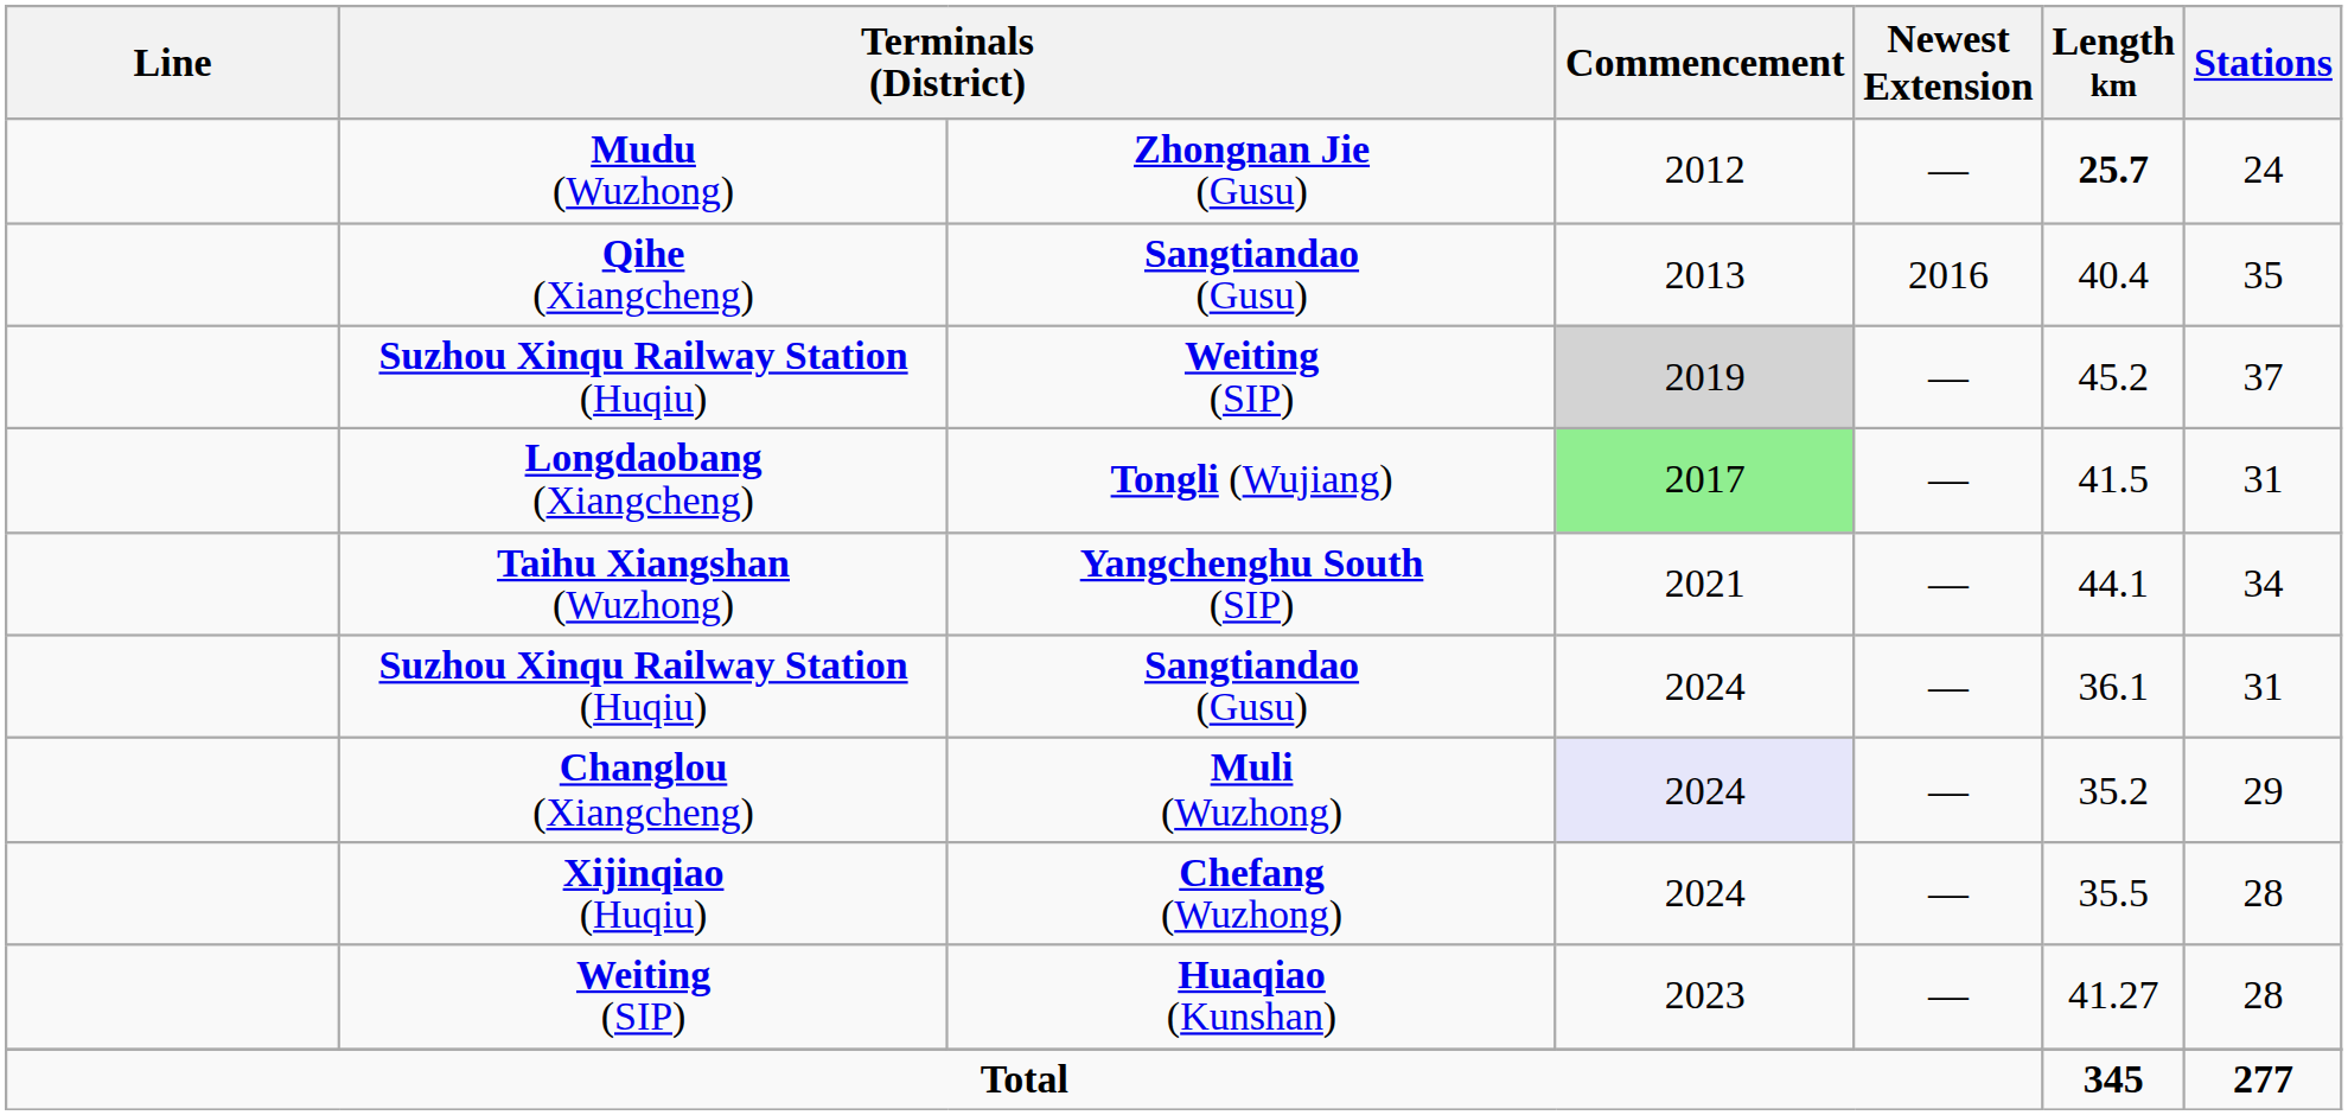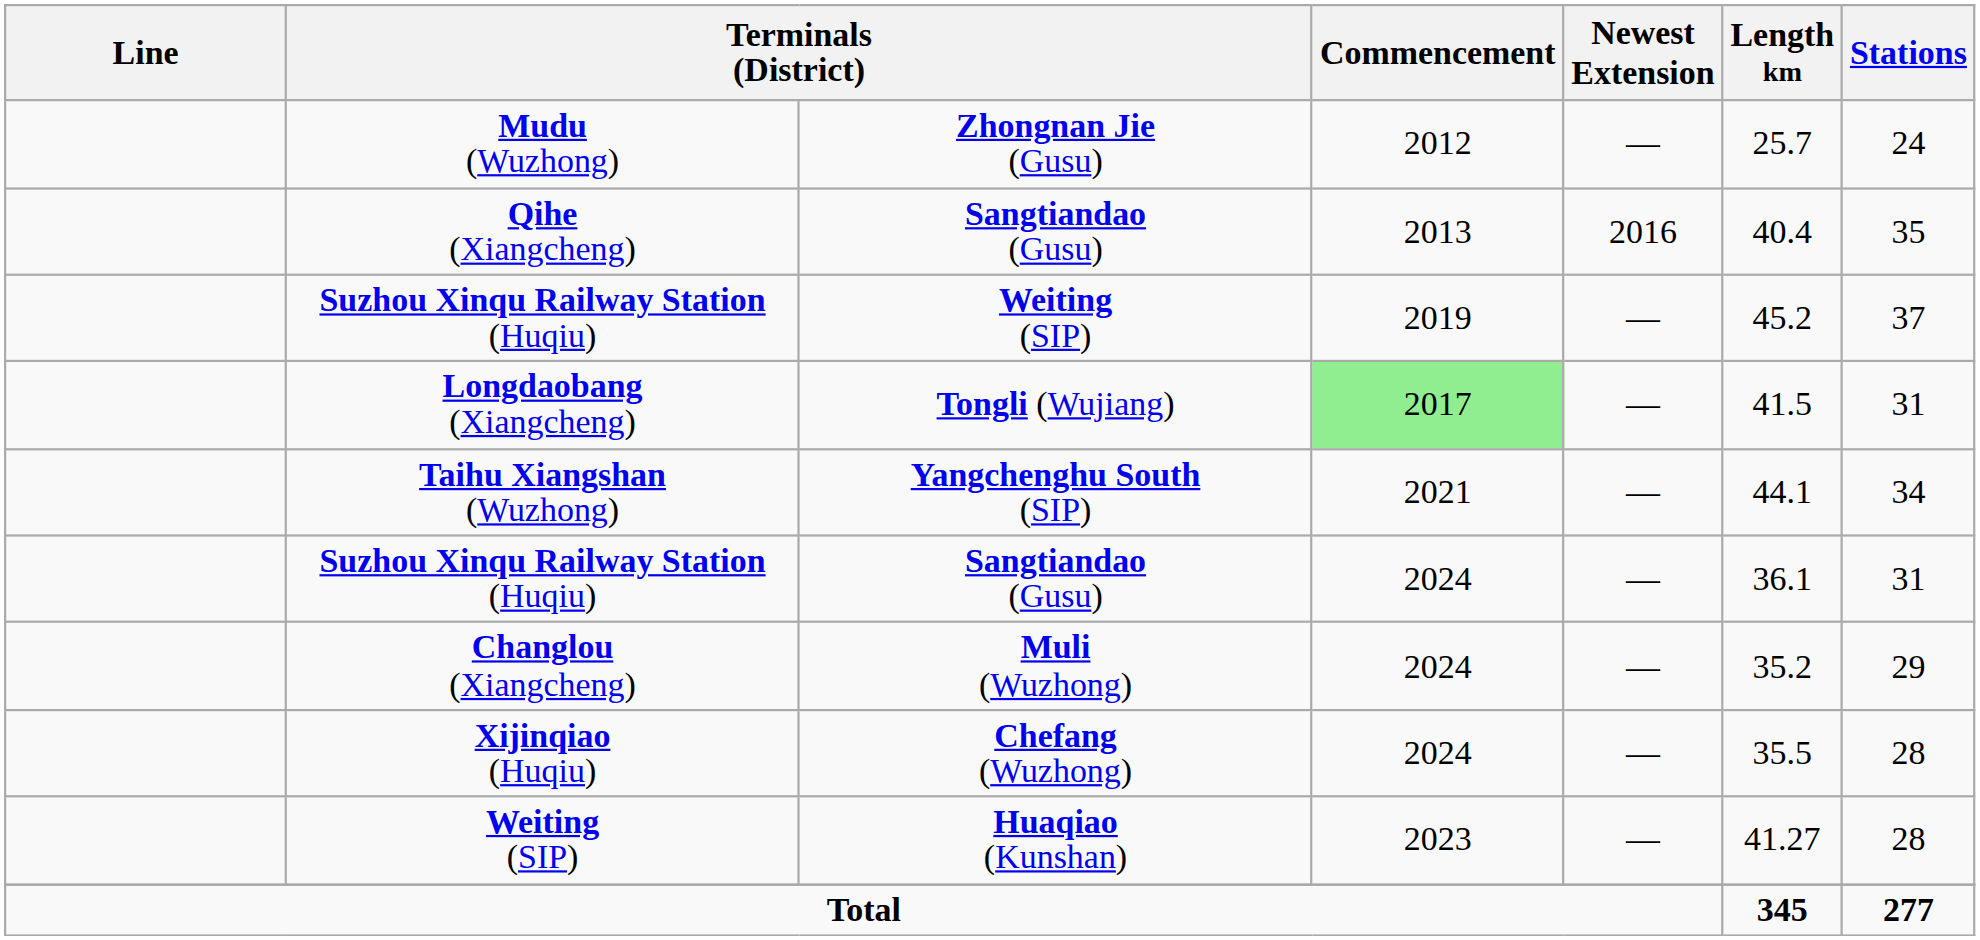 <table class="wikitable sortable" style="cell-padding:1.5; font-size:96%; text-align:center;">
 <tr>
 <th data-sort-type="text"style="width:120px;">Line</th>
 <th class="unsortable" colspan="2" style="width:450px; line-height:1.05">Terminals<br>(District)</th>
 <th>Commencement</th>
 <th>Newest<br>Extension</th>
 <th style="line-height:1.05">Length<br><small>km</small></th>
 <th style="line-height:1.05"><a href='#'>Stations</a></th>
 </tr>
 <tr>
 <td style="text-align:center; line-height:1.05"></td>
 <td style="text-align:center; width:225px; line-height:1.05"><strong><a href='#'>Mudu</a></strong><br>(<a href='#'>Wuzhong</a>)</td>
 <td style="text-align:center; width:225px; line-height:1.05"><strong><a href='#'>Zhongnan Jie</a></strong><br>(<a href='#'>Gusu</a>)</td>
 <td style="text-align:center; line-height:1.05">2012</td>
 <td style="text-align:center; line-height:1.05">—</td>
-<td style="text-align:center; line-height:1.05"><strong>25.7</strong></td>
+<td style="text-align:center; line-height:1.05">25.7</td>
 <td style="text-align:center; line-height:1.05">24</td>
 </tr>
 <tr>
 <td style="text-align:center; line-height:1.05"></td>
 <td style="text-align:center; width:225px; line-height:1.05"><strong><a href='#'>Qihe</a></strong><br>(<a href='#'>Xiangcheng</a>)</td>
 <td style="text-align:center; width:225px; line-height:1.05"><strong><a href='#'>Sangtiandao</a></strong><br>(<a href='#'>Gusu</a>)</td>
 <td style="text-align:center; line-height:1.05">2013</td>
 <td style="text-align:center; line-height:1.05">2016</td>
 <td style="text-align:center; line-height:1.05">40.4</td>
 <td style="text-align:center; line-height:1.05">35</td>
 </tr>
 <tr>
 <td style="text-align:center; line-height:1.05"></td>
 <td style="text-align:center; width:225px; line-height:1.05"><strong><a href='#'>Suzhou Xinqu Railway Station</a></strong><br>(<a href='#'>Huqiu</a>)</td>
 <td style="text-align:center; width:225px; line-height:1.05"><strong><a href='#'>Weiting</a></strong><br>(<a href='#'>SIP</a>)</td>
-<td style="background: lightgrey; text-align:center; line-height:1.05">2019</td>
+<td style="text-align:center; line-height:1.05">2019</td>
 <td style="text-align:center; line-height:1.05">—</td>
 <td style="text-align:center; line-height:1.05">45.2</td>
 <td style="text-align:center; line-height:1.05">37</td>
 </tr>
 <tr>
 <td style="text-align:center; line-height:1.05"></td>
 <td style="text-align:center; width:225px; line-height:1.05"><strong><a href='#'>Longdaobang</a></strong><br>(<a href='#'>Xiangcheng</a>)</td>
 <td style="text-align:center; width:225px; line-height:1.05"><strong><a href='#'>Tongli</a></strong> (<a href='#'>Wujiang</a>)</td>
 <td style="background: lightgreen; text-align:center; line-height:1.05">2017</td>
 <td style="text-align:center; line-height:1.05">—</td>
 <td style="text-align:center; line-height:1.05">41.5</td>
 <td style="text-align:center; line-height:1.05">31</td>
 </tr>
 <tr>
 <td style="text-align:center; line-height:1.05"></td>
 <td style="text-align:center; width:225px; line-height:1.05"><strong><a href='#'>Taihu Xiangshan</a></strong><br>(<a href='#'>Wuzhong</a>)</td>
 <td style="text-align:center; width:225px; line-height:1.05"><strong><a href='#'>Yangchenghu South</a></strong><br>(<a href='#'>SIP</a>)</td>
 <td style="text-align:center; line-height:1.05">2021</td>
 <td style="text-align:center; line-height:1.05">—</td>
 <td style="text-align:center; line-height:1.05">44.1</td>
 <td style="text-align:center; line-height:1.05">34</td>
 </tr>
 <tr>
 <td style="text-align:center; line-height:1.05"></td>
 <td style="text-align:center; width:225px; line-height:1.05"><strong><a href='#'>Suzhou Xinqu Railway Station</a></strong><br>(<a href='#'>Huqiu</a>)</td>
 <td style="text-align:center; width:225px; line-height:1.05"><strong><a href='#'>Sangtiandao</a></strong><br>(<a href='#'>Gusu</a>)</td>
 <td style="text-align:center; line-height:1.05">2024</td>
 <td style="text-align:center; line-height:1.05">—</td>
 <td style="text-align:center; line-height:1.05">36.1</td>
 <td style="text-align:center; line-height:1.05">31</td>
 </tr>
 <tr>
 <td style="text-align:center; line-height:1.05"></td>
 <td style="text-align:center; width:225px; line-height:1.05"><strong><a href='#'>Changlou</a></strong><br>(<a href='#'>Xiangcheng</a>)</td>
 <td style="text-align:center; width:225px; line-height:1.05"><strong><a href='#'>Muli</a></strong><br>(<a href='#'>Wuzhong</a>)</td>
-<td style="background: lavender; text-align:center; line-height:1.05">2024</td>
+<td style="text-align:center; line-height:1.05">2024</td>
 <td style="text-align:center; line-height:1.05">—</td>
 <td style="text-align:center; line-height:1.05">35.2</td>
 <td style="text-align:center; line-height:1.05">29</td>
 </tr>
 <tr>
 <td style="text-align:center; line-height:1.05"></td>
 <td style="text-align:center; width:225px; line-height:1.05"><strong><a href='#'>Xijinqiao</a></strong> <br>(<a href='#'>Huqiu</a>)</td>
 <td style="text-align:center; width:225px; line-height:1.05"><strong><a href='#'>Chefang</a></strong> <br>(<a href='#'>Wuzhong</a>)</td>
 <td style="text-align:center; line-height:1.05">2024</td>
 <td style="text-align:center; line-height:1.05">—</td>
 <td style="text-align:center; line-height:1.05">35.5</td>
 <td style="text-align:center; line-height:1.05">28</td>
 </tr>
 <tr>
 <td style="text-align:center; line-height:1.05"></td>
 <td style="text-align:center; line-height:1.05"><strong><a href='#'>Weiting</a></strong><br>(<a href='#'>SIP</a>)</td>
 <td style="text-align:center; line-height:1.05"><strong><a href='#'>Huaqiao</a></strong><br>(<a href='#'>Kunshan</a>)</td>
 <td style="text-align:center; line-height:1.05">2023</td>
 <td style="text-align:center; line-height:1.05">—</td>
 <td style="text-align:center; line-height:1.05">41.27</td>
 <td style="text-align:center; line-height:1.05">28</td>
 </tr>
 <tr align="center">
 </tr>
 <tr class="sortbottom">
 <td colspan="5" style="text-align:center; line-height:1.05"><strong>Total</strong></td>
 <td style="text-align:center; line-height:1.05"><strong>345</strong></td>
 <td style="text-align:center; line-height:1.05"><strong>277</strong></td>
 </tr>
 </table>
